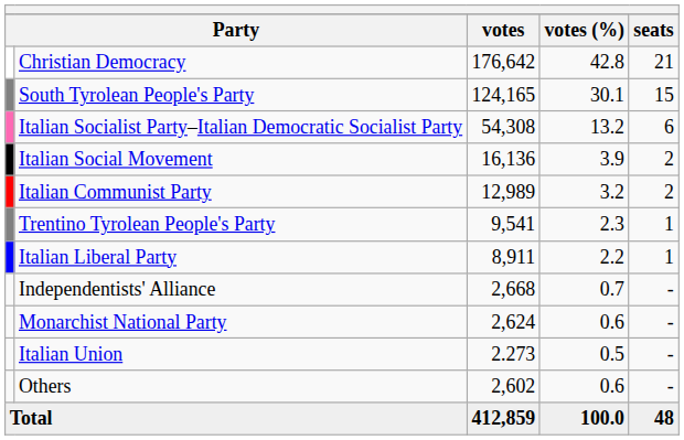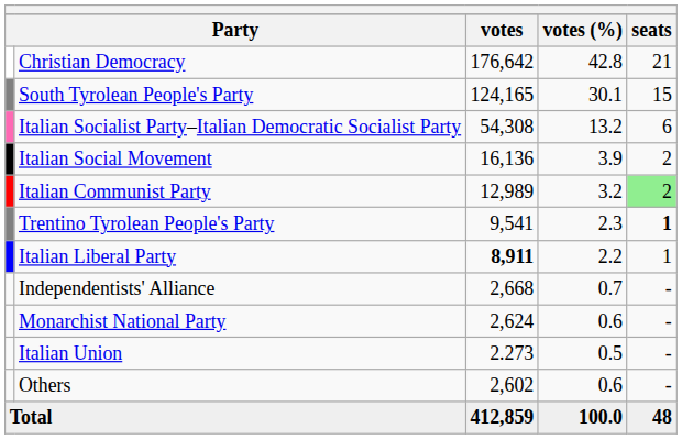 <table class="wikitable" style="font-size:95%; text-align:right;">
 <tr>
 <th colspan=5></th>
 </tr>
 <tr>
 </tr>
 <tr bgcolor="EFEFEF">
 <th colspan=2>Party</th>
 <th>votes</th>
 <th>votes (%)</th>
 <th>seats</th>
 </tr>
 <tr>
 <td bgcolor=White></td>
 <td align=left><a href='#'>Christian Democracy</a></td>
 <td>176,642</td>
 <td>42.8</td>
 <td>21</td>
 </tr>
 <tr>
 <td bgcolor=Gray></td>
 <td align=left><a href='#'>South Tyrolean People's Party</a></td>
 <td>124,165</td>
 <td>30.1</td>
 <td>15</td>
 </tr>
 <tr>
 <td bgcolor=Hotpink></td>
 <td align=left><a href='#'>Italian Socialist Party</a>–<a href='#'>Italian Democratic Socialist Party</a></td>
 <td>54,308</td>
 <td>13.2</td>
 <td>6</td>
 </tr>
 <tr>
 <td bgcolor=Black></td>
 <td align=left><a href='#'>Italian Social Movement</a></td>
 <td>16,136</td>
 <td>3.9</td>
 <td>2</td>
 </tr>
 <tr>
 <td bgcolor=Red></td>
 <td align=left><a href='#'>Italian Communist Party</a></td>
 <td>12,989</td>
 <td>3.2</td>
-<td>2</td>
+<td style="background: lightgreen;">2</td>
 </tr>
 <tr>
 <td bgcolor=Gray></td>
 <td align=left><a href='#'>Trentino Tyrolean People's Party</a></td>
 <td>9,541</td>
 <td>2.3</td>
-<td>1</td>
+<td><strong>1</strong></td>
 </tr>
 <tr>
 <td bgcolor=Blue></td>
 <td align=left><a href='#'>Italian Liberal Party</a></td>
-<td>8,911</td>
+<td><strong>8,911</strong></td>
 <td>2.2</td>
 <td>1</td>
 </tr>
 <tr>
 <td bgcolor=></td>
 <td align=left>Independentists' Alliance</td>
 <td>2,668</td>
 <td>0.7</td>
 <td>-</td>
 </tr>
 <tr>
 <td bgcolor=></td>
 <td align=left><a href='#'>Monarchist National Party</a></td>
 <td>2,624</td>
 <td>0.6</td>
 <td>-</td>
 </tr>
 <tr>
 <td bgcolor=></td>
 <td align=left><a href='#'>Italian Union</a></td>
 <td>2.273</td>
 <td>0.5</td>
 <td>-</td>
 </tr>
 <tr>
 <td bgcolor=></td>
 <td align=left>Others</td>
 <td>2,602</td>
 <td>0.6</td>
 <td>-</td>
 </tr>
 <tr bgcolor="EFEFEF">
 <td align=left colspan=2><strong>Total</strong></td>
 <td><strong>412,859</strong></td>
 <td><strong>100.0</strong></td>
 <td><strong>48</strong></td>
 </tr>
 </table>
